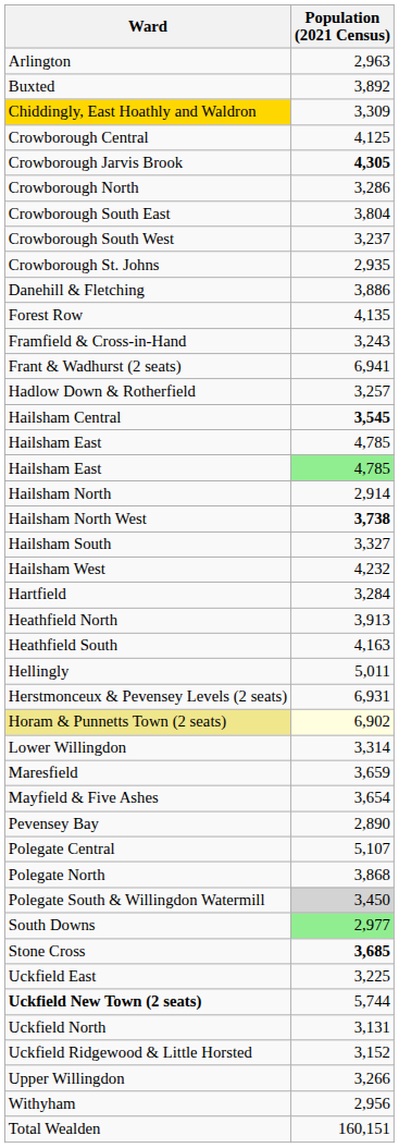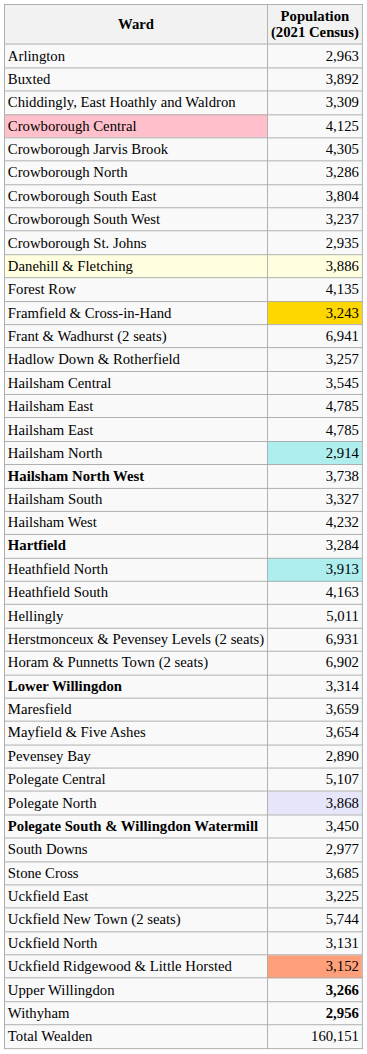 <table class="wikitable sortable">
 <tr>
 <th>Ward</th>
 <th>Population<br>(2021 Census)</th>
 </tr>
 <tr>
 <td>Arlington</td>
 <td align="right">2,963</td>
 </tr>
 <tr>
 <td>Buxted</td>
 <td align="right">3,892</td>
 </tr>
 <tr>
-<td style="background: gold;">Chiddingly, East Hoathly and Waldron</td>
+<td>Chiddingly, East Hoathly and Waldron</td>
 <td align="right">3,309</td>
 </tr>
 <tr>
-<td>Crowborough Central</td>
+<td style="background: pink;">Crowborough Central</td>
 <td align="right">4,125</td>
 </tr>
 <tr>
 <td>Crowborough Jarvis Brook</td>
-<td align="right"><strong>4,305</strong></td>
+<td align="right">4,305</td>
 </tr>
 <tr>
 <td>Crowborough North</td>
 <td align="right">3,286</td>
 </tr>
 <tr>
 <td>Crowborough South East</td>
 <td align="right">3,804</td>
 </tr>
 <tr>
 <td>Crowborough South West</td>
 <td align="right">3,237</td>
 </tr>
 <tr>
 <td>Crowborough St. Johns</td>
 <td align="right">2,935</td>
 </tr>
 <tr>
-<td>Danehill & Fletching</td>
-<td align="right">3,886</td>
+<td style="background: lightyellow;">Danehill & Fletching</td>
+<td align="right" style="background: lightyellow;">3,886</td>
 </tr>
 <tr>
 <td>Forest Row</td>
 <td align="right">4,135</td>
 </tr>
 <tr>
 <td>Framfield & Cross-in-Hand</td>
-<td align="right">3,243</td>
+<td align="right" style="background: gold;">3,243</td>
 </tr>
 <tr>
 <td>Frant & Wadhurst (2 seats)</td>
 <td align="right">6,941</td>
 </tr>
 <tr>
 <td>Hadlow Down & Rotherfield</td>
 <td align="right">3,257</td>
 </tr>
 <tr>
 <td>Hailsham Central</td>
-<td align="right"><strong>3,545</strong></td>
+<td align="right">3,545</td>
 </tr>
 <tr>
 <td>Hailsham East</td>
 <td align="right">4,785</td>
 </tr>
 <tr>
 <td>Hailsham East</td>
-<td align="right" style="background: lightgreen;">4,785</td>
+<td align="right">4,785</td>
 </tr>
 <tr>
 <td>Hailsham North</td>
-<td align="right">2,914</td>
+<td align="right" style="background: paleturquoise;">2,914</td>
 </tr>
 <tr>
-<td>Hailsham North West</td>
-<td align="right"><strong>3,738</strong></td>
+<td><strong>Hailsham North West</strong></td>
+<td align="right">3,738</td>
 </tr>
 <tr>
 <td>Hailsham South</td>
 <td align="right">3,327</td>
 </tr>
 <tr>
 <td>Hailsham West</td>
 <td align="right">4,232</td>
 </tr>
 <tr>
-<td>Hartfield</td>
+<td><strong>Hartfield</strong></td>
 <td align="right">3,284</td>
 </tr>
 <tr>
 <td>Heathfield North</td>
-<td align="right">3,913</td>
+<td align="right" style="background: paleturquoise;">3,913</td>
 </tr>
 <tr>
 <td>Heathfield South</td>
 <td align="right">4,163</td>
 </tr>
 <tr>
 <td>Hellingly</td>
 <td align="right">5,011</td>
 </tr>
 <tr>
 <td>Herstmonceux & Pevensey Levels (2 seats)</td>
 <td align="right">6,931</td>
 </tr>
 <tr>
-<td style="background: khaki;">Horam & Punnetts Town (2 seats)</td>
-<td align="right" style="background: lightyellow;">6,902</td>
+<td>Horam & Punnetts Town (2 seats)</td>
+<td align="right">6,902</td>
 </tr>
 <tr>
-<td>Lower Willingdon</td>
+<td><strong>Lower Willingdon</strong></td>
 <td align="right">3,314</td>
 </tr>
 <tr>
 <td>Maresfield</td>
 <td align="right">3,659</td>
 </tr>
 <tr>
 <td>Mayfield & Five Ashes</td>
 <td align="right">3,654</td>
 </tr>
 <tr>
 <td>Pevensey Bay</td>
 <td align="right">2,890</td>
 </tr>
 <tr>
 <td>Polegate Central</td>
 <td align="right">5,107</td>
 </tr>
 <tr>
 <td>Polegate North</td>
-<td align="right">3,868</td>
+<td align="right" style="background: lavender;">3,868</td>
 </tr>
 <tr>
-<td>Polegate South & Willingdon Watermill</td>
-<td align="right" style="background: lightgrey;">3,450</td>
+<td><strong>Polegate South & Willingdon Watermill</strong></td>
+<td align="right">3,450</td>
 </tr>
 <tr>
 <td>South Downs</td>
-<td align="right" style="background: lightgreen;">2,977</td>
+<td align="right">2,977</td>
 </tr>
 <tr>
 <td>Stone Cross</td>
-<td align="right"><strong>3,685</strong></td>
+<td align="right">3,685</td>
 </tr>
 <tr>
 <td>Uckfield East</td>
 <td align="right">3,225</td>
 </tr>
 <tr>
-<td><strong>Uckfield New Town (2 seats)</strong></td>
+<td>Uckfield New Town (2 seats)</td>
 <td align="right">5,744</td>
 </tr>
 <tr>
 <td>Uckfield North</td>
 <td align="right">3,131</td>
 </tr>
 <tr>
 <td>Uckfield Ridgewood & Little Horsted</td>
-<td align="right">3,152</td>
+<td align="right" style="background: lightsalmon;">3,152</td>
 </tr>
 <tr>
 <td>Upper Willingdon</td>
-<td align="right">3,266</td>
+<td align="right"><strong>3,266</strong></td>
 </tr>
 <tr>
 <td>Withyham</td>
-<td align="right">2,956</td>
+<td align="right"><strong>2,956</strong></td>
 </tr>
 <tr class="sortbottom">
 <td>Total Wealden</td>
 <td align="right">160,151</td>
 </tr>
 </table>
